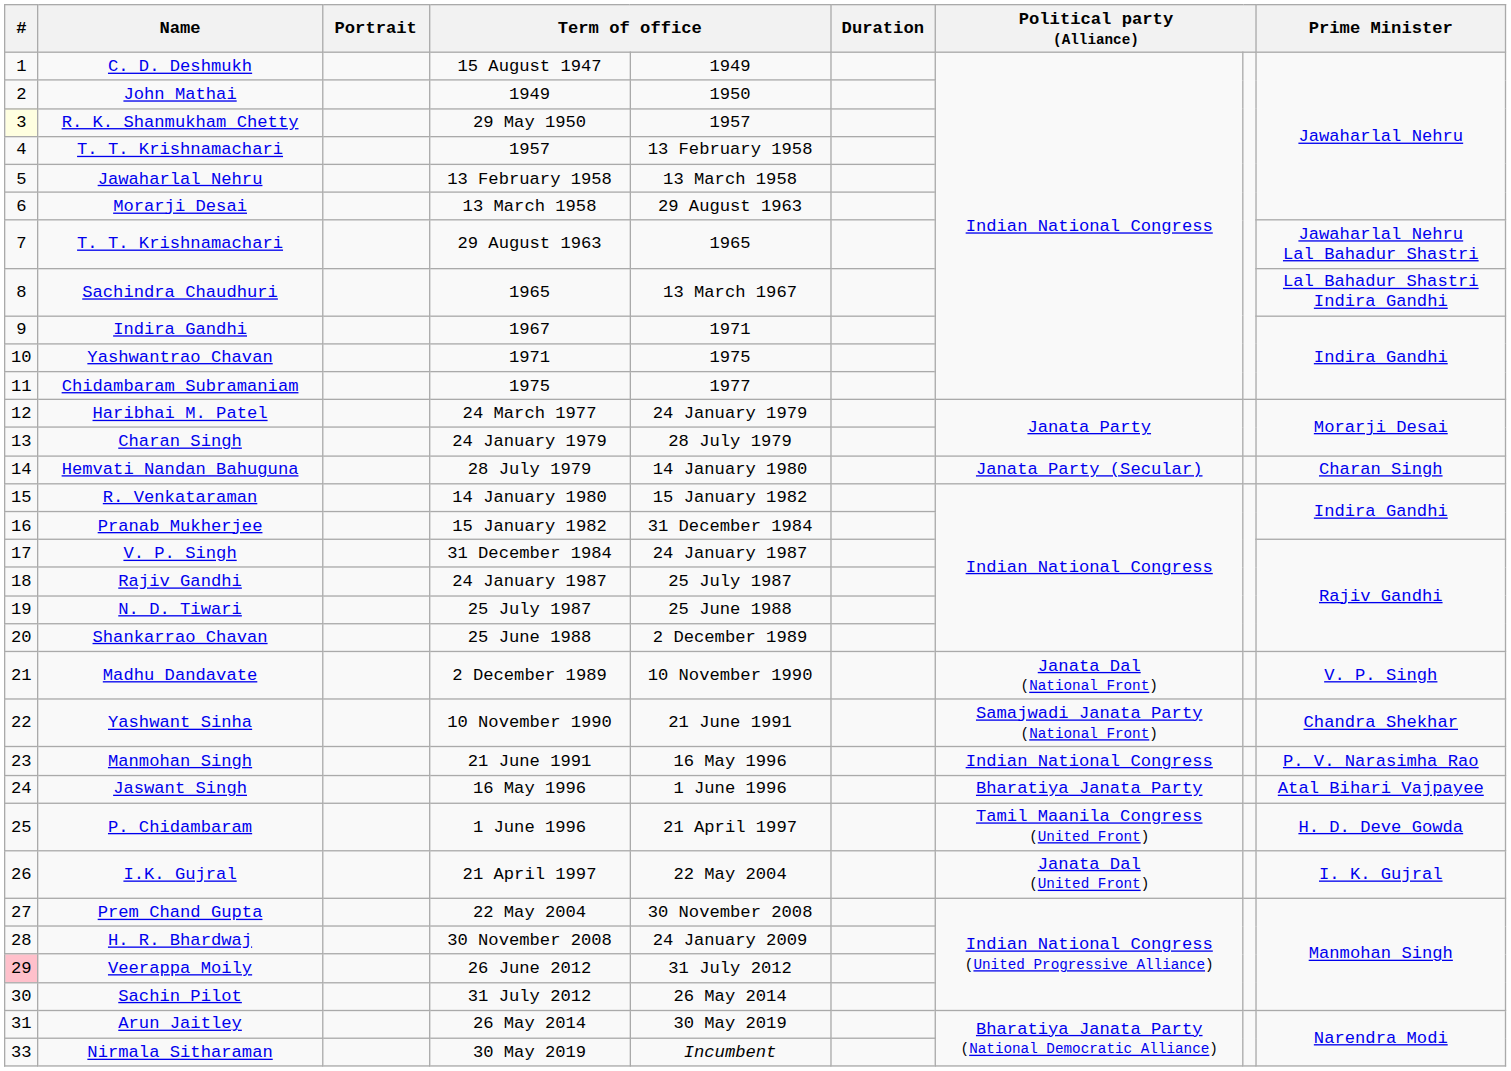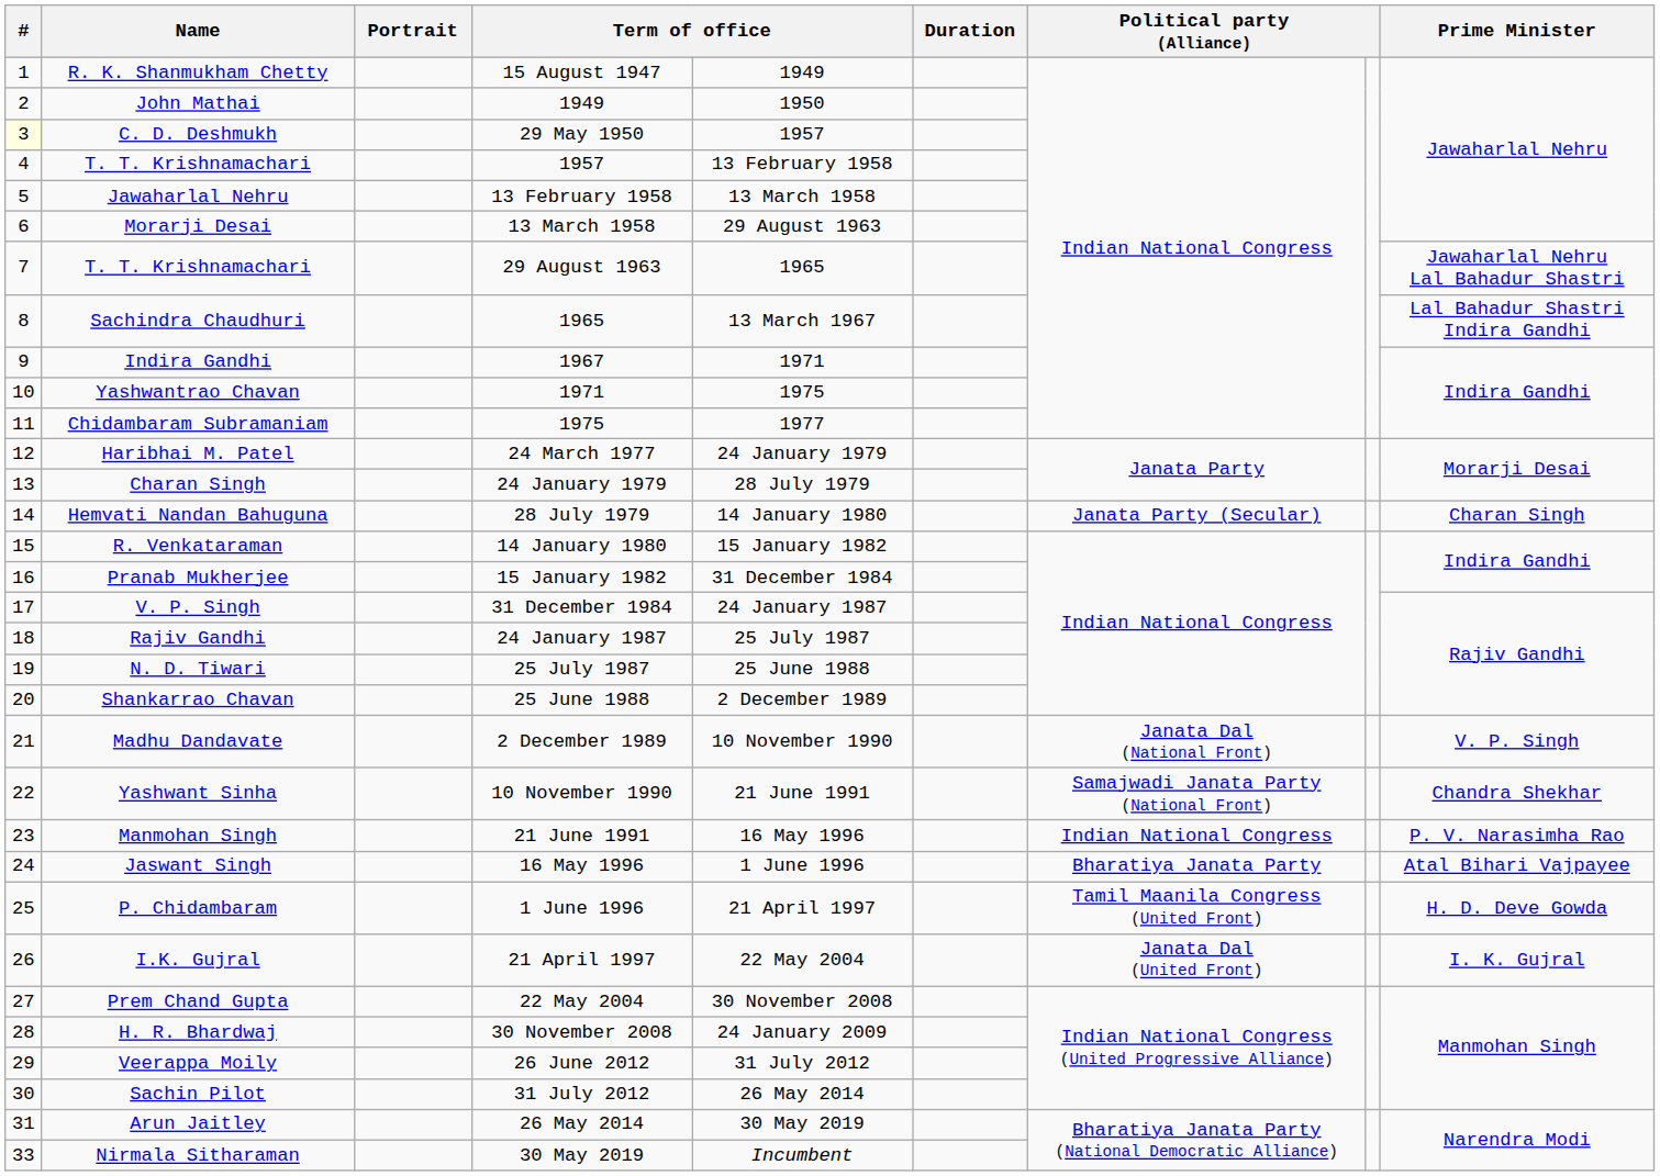 <table class="wikitable sortable" style="width:90%">
 <tr>
 <th>#</th>
 <th>Name</th>
 <th width="75">Portrait</th>
 <th colspan="2">Term of office</th>
 <th>Duration</th>
 <th colspan="2">Political party<br><small>(Alliance)</small></th>
 <th colspan="2">Prime Minister</th>
 </tr>
 <tr align="center">
 <td>1</td>
-<td><a href='#'>C. D. Deshmukh</a></td>
+<td><a href='#'>R. K. Shanmukham Chetty</a></td>
 <td></td>
 <td>15 August 1947</td>
 <td>1949</td>
 <td></td>
 <td rowspan="11"><a href='#'>Indian National Congress</a></td>
 <td rowspan="11" width="4px"></td>
 <td rowspan="6"><a href='#'>Jawaharlal Nehru</a></td>
 </tr>
 <tr align="center">
 <td>2</td>
 <td><a href='#'>John Mathai</a></td>
 <td></td>
 <td>1949</td>
 <td>1950</td>
 <td></td>
 </tr>
 <tr align="center">
 <td style="background: lightyellow;">3</td>
-<td><a href='#'>R. K. Shanmukham Chetty</a></td>
+<td><a href='#'>C. D. Deshmukh</a></td>
 <td></td>
 <td>29 May 1950</td>
 <td>1957</td>
 <td></td>
 </tr>
 <tr align="center">
 <td>4</td>
 <td><a href='#'>T. T. Krishnamachari</a></td>
 <td></td>
 <td>1957</td>
 <td>13 February 1958</td>
 <td></td>
 </tr>
 <tr align="center">
 <td>5</td>
 <td><a href='#'>Jawaharlal Nehru</a></td>
 <td></td>
 <td>13 February 1958</td>
 <td>13 March 1958</td>
 <td></td>
 </tr>
 <tr align="center">
 <td>6</td>
 <td><a href='#'>Morarji Desai</a></td>
 <td></td>
 <td>13 March 1958</td>
 <td>29 August 1963</td>
 <td></td>
 </tr>
 <tr align="center">
 <td>7</td>
 <td><a href='#'>T. T. Krishnamachari</a></td>
 <td></td>
 <td>29 August 1963</td>
 <td>1965</td>
 <td></td>
 <td><a href='#'>Jawaharlal Nehru</a><br><a href='#'>Lal Bahadur Shastri</a></td>
 </tr>
 <tr align="center">
 <td>8</td>
 <td><a href='#'>Sachindra Chaudhuri</a></td>
 <td></td>
 <td>1965</td>
 <td>13 March 1967</td>
 <td></td>
 <td><a href='#'>Lal Bahadur Shastri</a><br><a href='#'>Indira Gandhi</a></td>
 </tr>
 <tr align="center">
 <td>9</td>
 <td><a href='#'>Indira Gandhi</a></td>
 <td></td>
 <td>1967</td>
 <td>1971</td>
 <td></td>
 <td rowspan="3"><a href='#'>Indira Gandhi</a></td>
 </tr>
 <tr align="center">
 <td>10</td>
 <td><a href='#'>Yashwantrao Chavan</a></td>
 <td></td>
 <td>1971</td>
 <td>1975</td>
 <td></td>
 </tr>
 <tr align="center">
 <td>11</td>
 <td><a href='#'>Chidambaram Subramaniam</a></td>
 <td></td>
 <td>1975</td>
 <td>1977</td>
 <td></td>
 </tr>
 <tr align="center">
 <td>12</td>
 <td><a href='#'>Haribhai M. Patel</a></td>
 <td></td>
 <td>24 March 1977</td>
 <td>24 January 1979</td>
 <td></td>
 <td rowspan="2"><a href='#'>Janata Party</a></td>
 <td rowspan="2" width="4px"></td>
 <td rowspan="2"><a href='#'>Morarji Desai</a></td>
 </tr>
 <tr align="center">
 <td>13</td>
 <td><a href='#'>Charan Singh</a></td>
 <td></td>
 <td>24 January 1979</td>
 <td>28 July 1979</td>
 <td></td>
 </tr>
 <tr align="center">
 <td>14</td>
 <td><a href='#'>Hemvati Nandan Bahuguna</a></td>
 <td></td>
 <td>28 July 1979</td>
 <td>14 January 1980</td>
 <td></td>
 <td><a href='#'>Janata Party (Secular)</a></td>
 <td rowspan="1" width="4px"></td>
 <td><a href='#'>Charan Singh</a></td>
 </tr>
 <tr align="center">
 <td>15</td>
 <td><a href='#'>R. Venkataraman</a></td>
 <td></td>
 <td>14 January 1980</td>
 <td>15 January 1982</td>
 <td></td>
 <td rowspan="6"><a href='#'>Indian National Congress</a></td>
 <td rowspan="6" width="4px"></td>
 <td rowspan="2"><a href='#'>Indira Gandhi</a></td>
 </tr>
 <tr align="center">
 <td>16</td>
 <td><a href='#'>Pranab Mukherjee</a></td>
 <td></td>
 <td>15 January 1982</td>
 <td>31 December 1984</td>
 <td></td>
 </tr>
 <tr align="center">
 <td>17</td>
 <td><a href='#'>V. P. Singh</a></td>
 <td></td>
 <td>31 December 1984</td>
 <td>24 January 1987</td>
 <td></td>
 <td rowspan="4"><a href='#'>Rajiv Gandhi</a></td>
 </tr>
 <tr align="center">
 <td>18</td>
 <td><a href='#'>Rajiv Gandhi</a></td>
 <td></td>
 <td>24 January 1987</td>
 <td>25 July 1987</td>
 <td></td>
 </tr>
 <tr align="center">
 <td>19</td>
 <td><a href='#'>N. D. Tiwari</a></td>
 <td></td>
 <td>25 July 1987</td>
 <td>25 June 1988</td>
 <td></td>
 </tr>
 <tr align="center">
 <td>20</td>
 <td><a href='#'>Shankarrao Chavan</a></td>
 <td></td>
 <td>25 June 1988</td>
 <td>2 December 1989</td>
 <td></td>
 </tr>
 <tr align="center">
 <td>21</td>
 <td><a href='#'>Madhu Dandavate</a></td>
 <td></td>
 <td>2 December 1989</td>
 <td>10 November 1990</td>
 <td></td>
 <td><a href='#'>Janata Dal</a><br><small>(<a href='#'>National Front</a>)</small></td>
 <td rowspan="1" width="4px"></td>
 <td><a href='#'>V. P. Singh</a></td>
 </tr>
 <tr align="center">
 <td>22</td>
 <td><a href='#'>Yashwant Sinha</a></td>
 <td></td>
 <td>10 November 1990</td>
 <td>21 June 1991</td>
 <td></td>
 <td><a href='#'>Samajwadi Janata Party</a><br><small>(<a href='#'>National Front</a>)</small></td>
 <td rowspan="1" width="4px"></td>
 <td><a href='#'>Chandra Shekhar</a></td>
 </tr>
 <tr align="center">
 <td>23</td>
 <td><a href='#'>Manmohan Singh</a></td>
 <td></td>
 <td>21 June 1991</td>
 <td>16 May 1996</td>
 <td></td>
 <td><a href='#'>Indian National Congress</a></td>
 <td rowspan="1" width="4px"></td>
 <td><a href='#'>P. V. Narasimha Rao</a></td>
 </tr>
 <tr align="center">
 <td>24</td>
 <td><a href='#'>Jaswant Singh</a></td>
 <td></td>
 <td>16 May 1996</td>
 <td>1 June 1996</td>
 <td></td>
 <td><a href='#'>Bharatiya Janata Party</a></td>
 <td rowspan="1" width="4px"></td>
 <td><a href='#'>Atal Bihari Vajpayee</a></td>
 </tr>
 <tr align="center">
 <td>25</td>
 <td><a href='#'>P. Chidambaram</a></td>
 <td></td>
 <td>1 June 1996</td>
 <td>21 April 1997</td>
 <td></td>
 <td><a href='#'>Tamil Maanila Congress</a><br><small>(<a href='#'>United Front</a>)</small></td>
 <td rowspan="1" width="4px"></td>
 <td><a href='#'>H. D. Deve Gowda</a></td>
 </tr>
 <tr align="center">
 <td>26</td>
 <td><a href='#'>I.K. Gujral</a></td>
 <td></td>
 <td>21 April 1997</td>
 <td>22 May 2004</td>
 <td></td>
 <td><a href='#'>Janata Dal</a><br><small>(<a href='#'>United Front</a>)</small></td>
 <td rowspan="1" width="4px"></td>
 <td><a href='#'>I. K. Gujral</a></td>
 </tr>
 <tr align="center">
 <td>27</td>
 <td><a href='#'>Prem Chand Gupta</a></td>
 <td></td>
 <td>22 May 2004</td>
 <td>30 November 2008</td>
 <td></td>
 <td rowspan="4"><a href='#'>Indian National Congress</a><br><small>(<a href='#'>United Progressive Alliance</a>)</small></td>
 <td rowspan="4" width="4px"></td>
 <td rowspan="4"><a href='#'>Manmohan Singh</a></td>
 </tr>
 <tr align="center">
 <td>28</td>
 <td><a href='#'>H. R. Bhardwaj</a></td>
 <td></td>
 <td>30 November 2008</td>
 <td>24 January 2009</td>
 <td></td>
 </tr>
 <tr align="center">
-<td style="background: pink;">29</td>
+<td>29</td>
 <td><a href='#'>Veerappa Moily</a></td>
 <td></td>
 <td>26 June 2012</td>
 <td>31 July 2012</td>
 <td></td>
 </tr>
 <tr align="center">
 <td>30</td>
 <td><a href='#'>Sachin Pilot</a></td>
 <td></td>
 <td>31 July 2012</td>
 <td>26 May 2014</td>
 <td></td>
 </tr>
 <tr align="center">
 <td>31</td>
 <td><a href='#'>Arun Jaitley</a></td>
 <td></td>
 <td>26 May 2014</td>
 <td>30 May 2019</td>
 <td></td>
 <td rowspan="4"><a href='#'>Bharatiya Janata Party</a><br><small>(<a href='#'>National Democratic Alliance</a>)</small></td>
 <td rowspan="5" width="4px"></td>
 <td rowspan="4"><a href='#'>Narendra Modi</a></td>
 </tr>
 <tr align="center">
 <td>33</td>
 <td><a href='#'>Nirmala Sitharaman</a></td>
 <td></td>
 <td>30 May 2019</td>
 <td><em>Incumbent</em></td>
 <td></td>
 </tr>
 </table>
